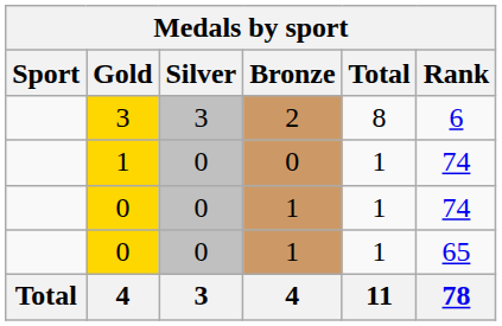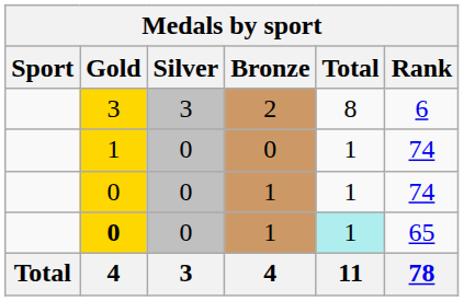 <table class="wikitable" style="font-size:100%;">
 <tr style="background:#efefef;">
 <th colspan=7><strong>Medals by sport</strong></th>
 </tr>
 <tr align=center>
 <th><strong>Sport</strong></th>
 <th> Gold</th>
 <th> Silver</th>
 <th> Bronze</th>
 <th><strong>Total</strong></th>
 <th><strong>Rank</strong></th>
 </tr>
 <tr align=center>
 <td></td>
 <td style="background: gold;">3</td>
 <td style="background: silver;">3</td>
 <td style="background:#c96;">2</td>
 <td>8</td>
 <td><a href='#'>6</a></td>
 </tr>
 <tr align=center>
 <td></td>
 <td style="background: gold;">1</td>
 <td style="background: silver;">0</td>
 <td style="background:#c96;">0</td>
 <td>1</td>
 <td><a href='#'>74</a></td>
 </tr>
 <tr align=center>
 <td></td>
 <td style="background: gold;">0</td>
 <td style="background: silver;">0</td>
 <td style="background:#c96;">1</td>
 <td>1</td>
 <td><a href='#'>74</a></td>
 </tr>
 <tr align=center>
 <td></td>
-<td style="background: gold;">0</td>
+<td style="background: gold;"><strong>0</strong></td>
 <td style="background: silver;">0</td>
 <td style="background:#c96;">1</td>
-<td>1</td>
+<td style="background: paleturquoise;">1</td>
 <td><a href='#'>65</a></td>
 </tr>
 <tr align="center">
 <th>Total</th>
 <th>4</th>
 <th>3</th>
 <th>4</th>
 <th>11</th>
 <th><a href='#'>78</a></th>
 </tr>
 </table>
